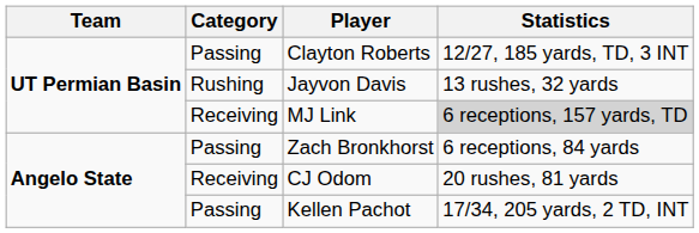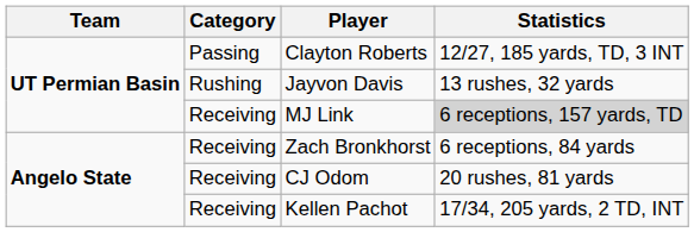 <table class="wikitable" style="float: right;">
 <tr>
 <th>Team</th>
 <th>Category</th>
 <th>Player</th>
 <th>Statistics</th>
 </tr>
 <tr>
 <td rowspan=3><strong>UT Permian Basin</strong></td>
 <td>Passing</td>
 <td>Clayton Roberts</td>
 <td>12/27, 185 yards, TD, 3 INT</td>
 </tr>
 <tr>
 <td>Rushing</td>
 <td>Jayvon Davis</td>
 <td>13 rushes, 32 yards</td>
 </tr>
 <tr>
 <td>Receiving</td>
 <td>MJ Link</td>
 <td style="background: lightgrey;">6 receptions, 157 yards, TD</td>
 </tr>
 <tr>
 <td rowspan=3><strong>Angelo State</strong></td>
-<td>Passing</td>
+<td>Receiving</td>
 <td>Zach Bronkhorst</td>
 <td>6 receptions, 84 yards</td>
 </tr>
 <tr>
 <td>Receiving</td>
 <td>CJ Odom</td>
 <td>20 rushes, 81 yards</td>
 </tr>
 <tr>
-<td>Passing</td>
+<td>Receiving</td>
 <td>Kellen Pachot</td>
 <td>17/34, 205 yards, 2 TD, INT</td>
 </tr>
 </table>
